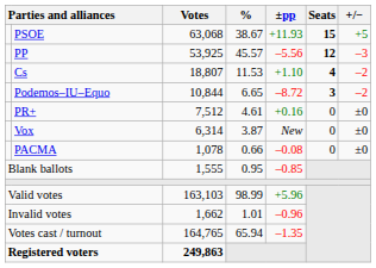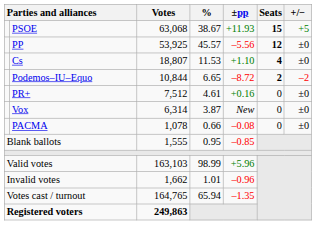 <table class="wikitable" style="text-align:right;">
 <tr>
 <th style="text-align:left;" colspan="2" width="200">Parties and alliances</th>
 <th width="75">Votes</th>
 <th width="45">%</th>
 <th width="45">±<a href='#'>pp</a></th>
 <th width="35">Seats</th>
 <th width="35">+/−</th>
 </tr>
 <tr>
 <td width="1" style="color:inherit;background:"></td>
 <td align="left"><a href='#'>PSOE</a></td>
 <td>63,068</td>
 <td>38.67</td>
 <td style="color:green;">+11.93</td>
 <td><strong>15</strong></td>
 <td style="color:green;">+5</td>
 </tr>
 <tr>
 <td style="color:inherit;background:"></td>
 <td align="left"><a href='#'>PP</a></td>
 <td>53,925</td>
 <td>45.57</td>
 <td style="color:red;">–5.56</td>
 <td><strong>12</strong></td>
-<td style="color:red;">–3</td>
+<td>±0</td>
 </tr>
 <tr>
 <td style="color:inherit;background:"></td>
 <td align="left"><a href='#'>Cs</a></td>
 <td>18,807</td>
 <td>11.53</td>
 <td style="color:green;">+1.10</td>
 <td><strong>4</strong></td>
-<td style="color:red;">–2</td>
+<td>±0</td>
 </tr>
 <tr>
 <td style="color:inherit;background:"></td>
 <td align="left"><a href='#'>Podemos–IU–Equo</a></td>
 <td>10,844</td>
 <td>6.65</td>
 <td style="color:red;">–8.72</td>
-<td><strong>3</strong></td>
+<td><strong>2</strong></td>
 <td style="color:red;">–2</td>
 </tr>
 <tr>
 <td style="color:inherit;background:"></td>
 <td align="left"><a href='#'>PR+</a></td>
 <td>7,512</td>
 <td>4.61</td>
 <td style="color:green;">+0.16</td>
 <td>0</td>
 <td>±0</td>
 </tr>
 <tr>
 <td style="color:inherit;background:"></td>
 <td align="left"><a href='#'>Vox</a></td>
 <td>6,314</td>
 <td>3.87</td>
 <td><em>New</em></td>
 <td>0</td>
 <td>±0</td>
 </tr>
 <tr>
 <td style="color:inherit;background:"></td>
 <td align="left"><a href='#'>PACMA</a></td>
 <td>1,078</td>
 <td>0.66</td>
 <td style="color:red;">–0.08</td>
 <td>0</td>
 <td>±0</td>
 </tr>
 <tr>
 <td align="left" colspan="2">Blank ballots</td>
 <td>1,555</td>
 <td>0.95</td>
 <td style="color:red;">–0.85</td>
 <td bgcolor="#E9E9E9" colspan="2"></td>
 </tr>
 <tr>
 <td colspan="7" bgcolor="#E9E9E9"></td>
 </tr>
 <tr>
 <td align="left" colspan="2">Valid votes</td>
 <td>163,103</td>
 <td>98.99</td>
 <td style="color:green;">+5.96</td>
 <td bgcolor="#E9E9E9" colspan="2" rowspan="4"></td>
 </tr>
 <tr>
 <td align="left" colspan="2">Invalid votes</td>
 <td>1,662</td>
 <td>1.01</td>
 <td style="color:red;">–0.96</td>
 </tr>
 <tr>
 <td align="left" colspan="2">Votes cast / turnout</td>
 <td>164,765</td>
 <td>65.94</td>
 <td style="color:red;">–1.35</td>
 </tr>
 <tr style="font-weight:bold;">
 <td align="left" colspan="2">Registered voters</td>
 <td>249,863</td>
 <td bgcolor="#E9E9E9" colspan="2"></td>
 </tr>
 </table>
